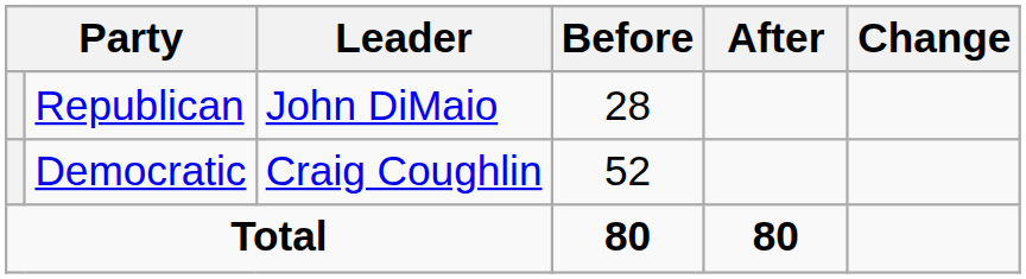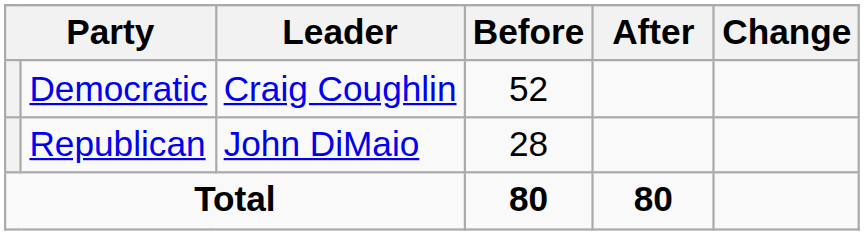 <table class="wikitable" style="text-align:center;">
 <tr>
 </tr>
 <tr>
 <th colspan="2">Party</th>
 <th>Leader</th>
 <th style="width:3em">Before</th>
 <th style="width:3em">After</th>
 <th style="width:3em">Change</th>
 </tr>
 <tr>
 <th style="background-color:"></th>
-<td style="text-align:left;"><a href='#'>Republican</a></td>
-<td style="text-align:left;"><a href='#'>John DiMaio</a></td>
-<td>28</td>
+<td style="text-align:left;"><a href='#'>Democratic</a></td>
+<td style="text-align:left;"><a href='#'>Craig Coughlin</a></td>
+<td>52</td>
 <td></td>
 <td></td>
 </tr>
 <tr>
 <th style="background-color:"></th>
-<td style="text-align:left;"><a href='#'>Democratic</a></td>
-<td style="text-align:left;"><a href='#'>Craig Coughlin</a></td>
-<td>52</td>
+<td style="text-align:left;"><a href='#'>Republican</a></td>
+<td style="text-align:left;"><a href='#'>John DiMaio</a></td>
+<td>28</td>
 <td></td>
 <td></td>
 </tr>
 <tr>
 <td colspan="3"><strong>Total</strong></td>
 <td><strong>80</strong></td>
 <td><strong>80</strong></td>
 <td></td>
 </tr>
 </table>
